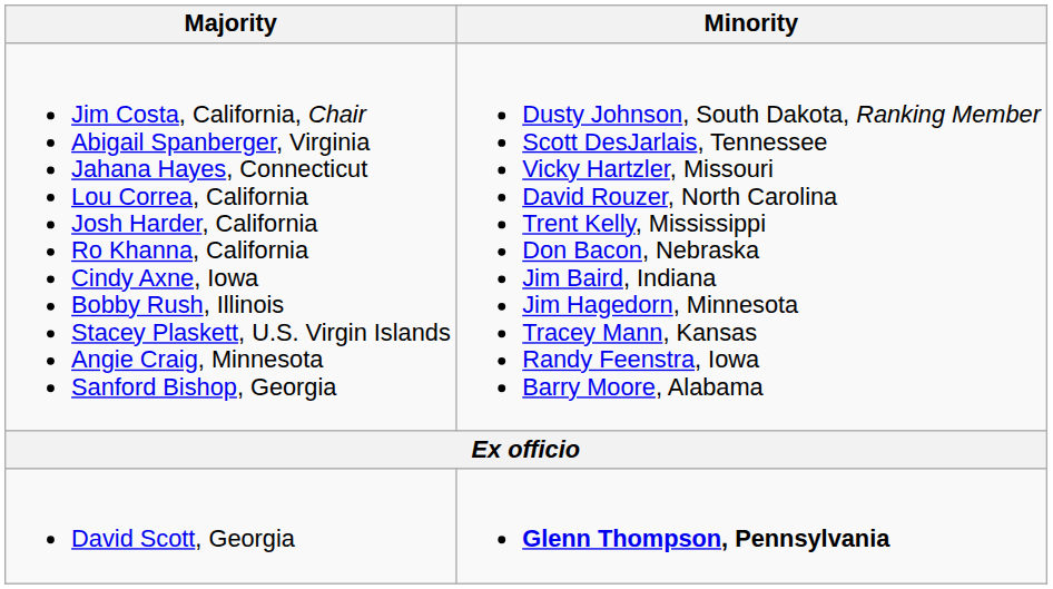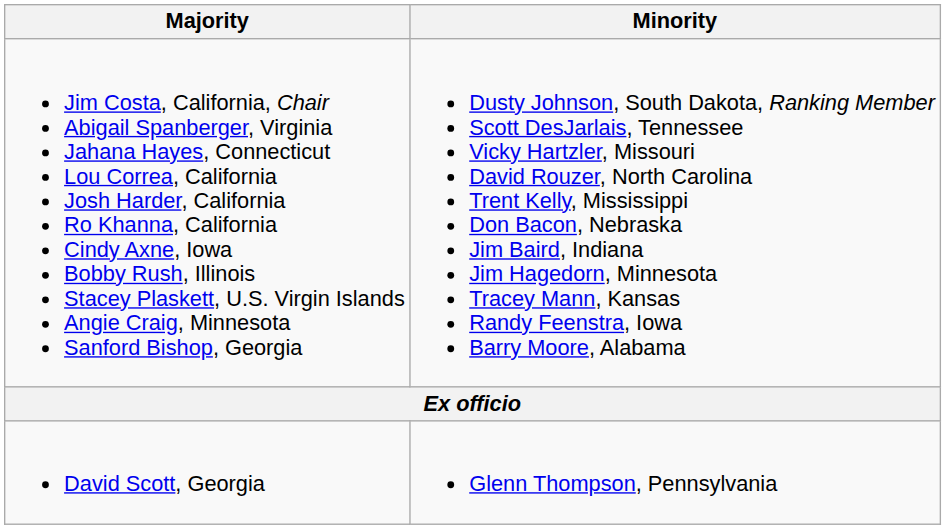 <table class=wikitable>
 <tr>
 <th>Majority</th>
 <th>Minority</th>
 </tr>
 <tr>
 <td><br><ul><li><a href='#'>Jim Costa</a>, California, <em>Chair</em></li><li><a href='#'>Abigail Spanberger</a>, Virginia</li><li><a href='#'>Jahana Hayes</a>, Connecticut</li><li><a href='#'>Lou Correa</a>, California</li><li><a href='#'>Josh Harder</a>, California</li><li><a href='#'>Ro Khanna</a>, California</li><li><a href='#'>Cindy Axne</a>, Iowa</li><li><a href='#'>Bobby Rush</a>, Illinois</li><li><a href='#'>Stacey Plaskett</a>, U.S. Virgin Islands</li><li><a href='#'>Angie Craig</a>, Minnesota</li><li><a href='#'>Sanford Bishop</a>, Georgia</li></ul></td>
 <td><br><ul><li><a href='#'>Dusty Johnson</a>, South Dakota, <em>Ranking Member</em></li><li><a href='#'>Scott DesJarlais</a>, Tennessee</li><li><a href='#'>Vicky Hartzler</a>, Missouri</li><li><a href='#'>David Rouzer</a>, North Carolina</li><li><a href='#'>Trent Kelly</a>, Mississippi</li><li><a href='#'>Don Bacon</a>, Nebraska</li><li><a href='#'>Jim Baird</a>, Indiana</li><li><a href='#'>Jim Hagedorn</a>, Minnesota</li><li><a href='#'>Tracey Mann</a>, Kansas</li><li><a href='#'>Randy Feenstra</a>, Iowa</li><li><a href='#'>Barry Moore</a>, Alabama</li></ul></td>
 </tr>
 <tr>
 <th colspan=2><em>Ex officio</em></th>
 </tr>
 <tr>
 <td><br><ul><li><a href='#'>David Scott</a>, Georgia</li></ul></td>
-<td><strong><br><ul><li><a href='#'>Glenn Thompson</a>, Pennsylvania</li></ul></strong></td>
+<td><br><ul><li><a href='#'>Glenn Thompson</a>, Pennsylvania</li></ul></td>
 </tr>
 </table>
